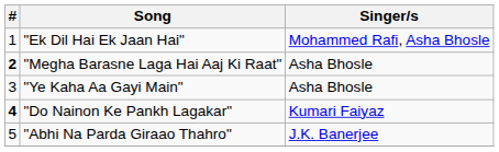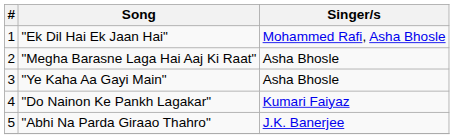 <table class="wikitable">
 <tr>
 <th>#</th>
 <th>Song</th>
 <th>Singer/s</th>
 </tr>
 <tr>
 <td>1</td>
 <td>"Ek Dil Hai Ek Jaan Hai"</td>
 <td><a href='#'>Mohammed Rafi</a>, <a href='#'>Asha Bhosle</a></td>
 </tr>
 <tr>
-<td><strong>2</strong></td>
+<td>2</td>
 <td>"Megha Barasne Laga Hai Aaj Ki Raat"</td>
 <td>Asha Bhosle</td>
 </tr>
 <tr>
 <td>3</td>
 <td>"Ye Kaha Aa Gayi Main"</td>
 <td>Asha Bhosle</td>
 </tr>
 <tr>
-<td><strong>4</strong></td>
+<td>4</td>
 <td>"Do Nainon Ke Pankh Lagakar"</td>
 <td><a href='#'>Kumari Faiyaz</a></td>
 </tr>
 <tr>
 <td>5</td>
 <td>"Abhi Na Parda Giraao Thahro"</td>
 <td><a href='#'>J.K. Banerjee</a></td>
 </tr>
 <tr>
 </tr>
 </table>
